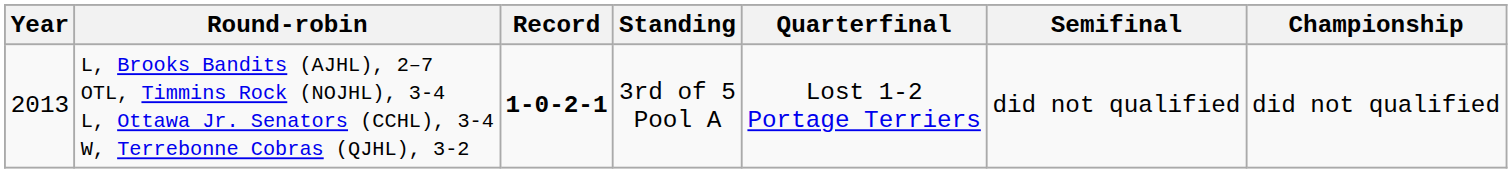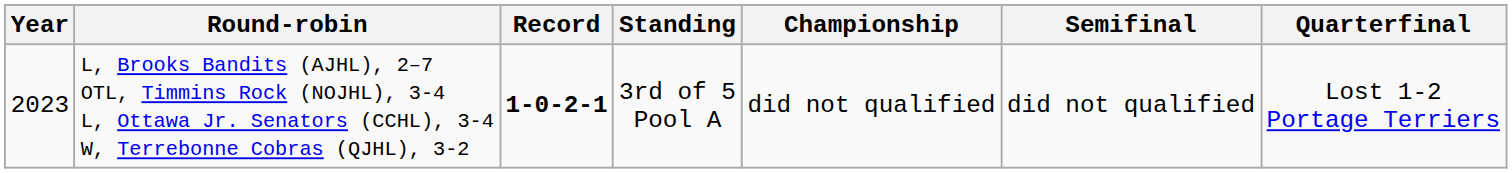 <table class="wikitable" style="text-align:center;">
 <tr>
 <th>Year</th>
 <th>Round-robin</th>
 <th>Record</th>
 <th>Standing</th>
+<th>Championship</th>
+<th>Semifinal</th>
 <th>Quarterfinal</th>
-<th>Semifinal</th>
-<th>Championship</th>
 </tr>
 <tr>
-<td>2013</td>
+<td>2023</td>
 <td align=left><small>L, <a href='#'>Brooks Bandits</a> (AJHL), 2–7<br>OTL, <a href='#'>Timmins Rock</a> (NOJHL), 3-4<br>L, <a href='#'>Ottawa Jr. Senators</a> (CCHL), 3-4<br>W, <a href='#'>Terrebonne Cobras</a> (QJHL), 3-2</small></td>
 <td><strong>1-0-2-1</strong></td>
 <td>3rd of 5 <br>Pool A</td>
-<td>Lost 1-2<br><a href='#'>Portage Terriers</a></td>
 <td>did not qualified</td>
 <td>did not qualified</td>
+<td>Lost 1-2<br><a href='#'>Portage Terriers</a></td>
 </tr>
 </table>
